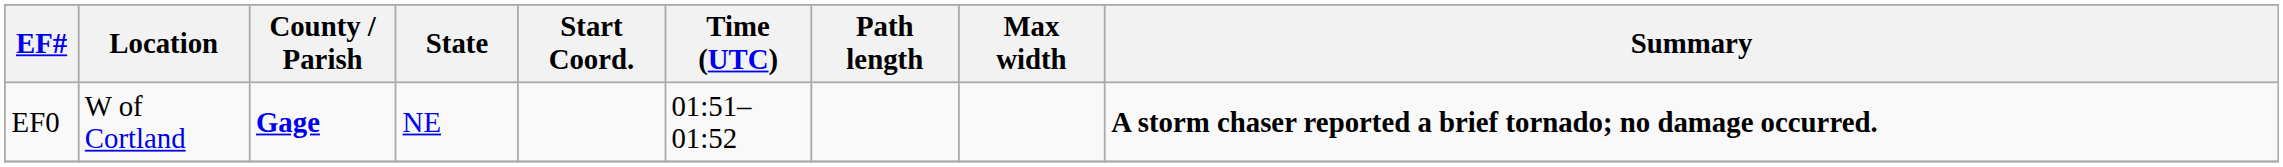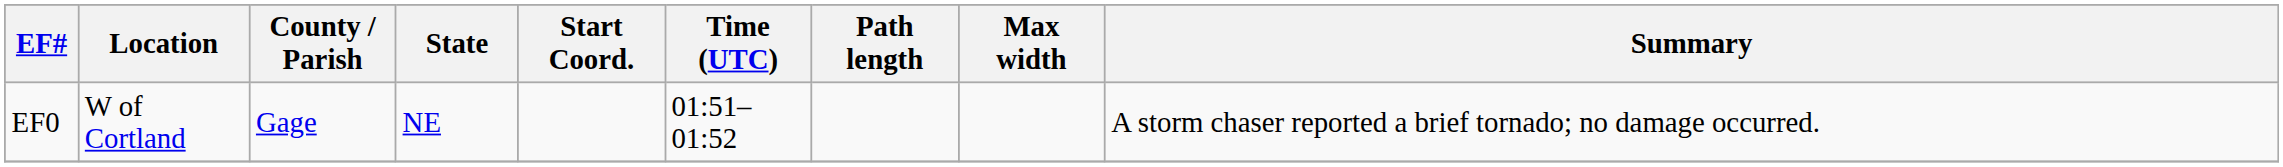 <table class="wikitable sortable" style="width:100%;">
 <tr>
 <th scope="col"  style="width:3%; text-align:center;"><a href='#'>EF#</a></th>
 <th scope="col"  style="width:7%; text-align:center;" class="unsortable">Location</th>
 <th scope="col"  style="width:6%; text-align:center;" class="unsortable">County / Parish</th>
 <th scope="col"  style="width:5%; text-align:center;">State</th>
 <th scope="col"  style="width:6%; text-align:center;">Start Coord.</th>
 <th scope="col"  style="width:6%; text-align:center;">Time (<a href='#'>UTC</a>)</th>
 <th scope="col"  style="width:6%; text-align:center;">Path length</th>
 <th scope="col"  style="width:6%; text-align:center;">Max width</th>
 <th scope="col" class="unsortable" style="width:48%; text-align:center;">Summary</th>
 </tr>
 <tr>
 <td>EF0</td>
 <td>W of <a href='#'>Cortland</a></td>
-<td><strong><a href='#'>Gage</a></strong></td>
+<td><a href='#'>Gage</a></td>
 <td><a href='#'>NE</a></td>
 <td></td>
 <td>01:51–01:52</td>
 <td></td>
 <td></td>
-<td><strong>A storm chaser reported a brief tornado; no damage occurred.</strong></td>
+<td>A storm chaser reported a brief tornado; no damage occurred.</td>
 </tr>
 <tr>
 </tr>
 </table>
